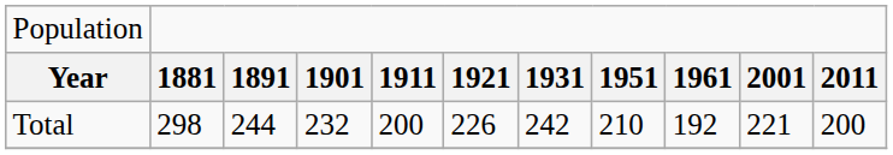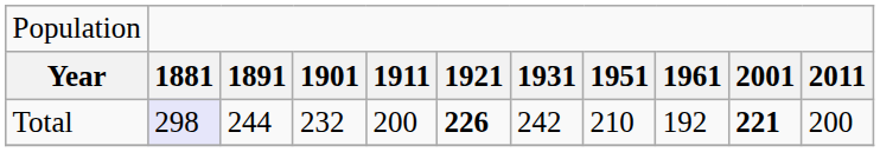 <table class="wikitable">
 <tr>
 <td>Population</td>
 </tr>
 <tr>
 <th>Year</th>
 <th>1881</th>
 <th>1891</th>
 <th>1901</th>
 <th>1911</th>
 <th>1921</th>
 <th>1931</th>
 <th>1951</th>
 <th>1961</th>
 <th>2001</th>
 <th>2011</th>
 </tr>
 <tr>
 <td>Total</td>
-<td>298</td>
+<td style="background: lavender;">298</td>
 <td>244</td>
 <td>232</td>
 <td>200</td>
-<td>226</td>
+<td><strong>226</strong></td>
 <td>242</td>
 <td>210</td>
 <td>192</td>
-<td>221</td>
+<td><strong>221</strong></td>
 <td>200</td>
 </tr>
 <tr>
 </tr>
 </table>
